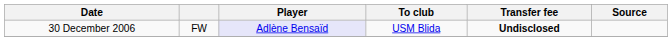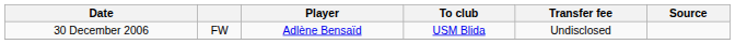 <table class="wikitable sortable" style="width:70%; text-align:center; font-size:85%; text-align:centre;">
 <tr>
 <th>Date</th>
 <th></th>
 <th>Player</th>
 <th>To club</th>
 <th>Transfer fee</th>
 <th>Source</th>
 </tr>
 <tr>
 <td>30 December 2006</td>
 <td>FW</td>
-<td style="background: lavender;"> <a href='#'>Adlène Bensaïd</a></td>
+<td> <a href='#'>Adlène Bensaïd</a></td>
 <td><a href='#'>USM Blida</a></td>
-<td><strong>Undisclosed</strong></td>
+<td>Undisclosed</td>
 <td></td>
 </tr>
 <tr>
 </tr>
 </table>
